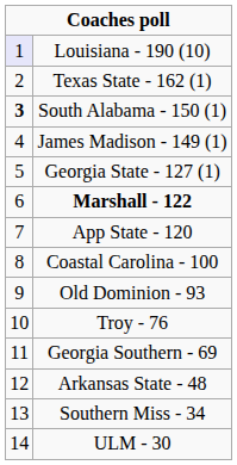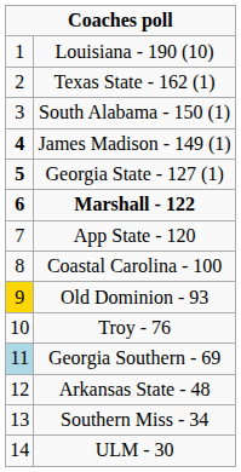 <table class="wikitable" style="display: inline-table;">
 <tr>
 <td align="center" Colspan="3"><strong>Coaches poll</strong></td>
 </tr>
 <tr align="center">
 </tr>
 <tr align="center">
-<td style="background: lavender;">1</td>
+<td>1</td>
 <td>Louisiana - 190 (10)</td>
 </tr>
 <tr align="center">
 <td>2</td>
 <td>Texas State - 162 (1)</td>
 </tr>
 <tr align="center">
-<td><strong>3</strong></td>
+<td>3</td>
 <td>South Alabama - 150 (1)</td>
 </tr>
 <tr align="center">
-<td>4</td>
+<td><strong>4</strong></td>
 <td>James Madison - 149 (1)</td>
 </tr>
 <tr align="center">
-<td>5</td>
+<td><strong>5</strong></td>
 <td>Georgia State - 127 (1)</td>
 </tr>
 <tr align="center">
-<td>6</td>
+<td><strong>6</strong></td>
 <td><strong>Marshall - 122</strong></td>
 </tr>
 <tr align="center">
 <td>7</td>
 <td>App State - 120</td>
 </tr>
 <tr align="center">
 <td>8</td>
 <td>Coastal Carolina - 100</td>
 </tr>
 <tr align="center">
-<td>9</td>
+<td style="background: gold;">9</td>
 <td>Old Dominion - 93</td>
 </tr>
 <tr align="center">
 <td>10</td>
 <td>Troy - 76</td>
 </tr>
 <tr align="center">
-<td>11</td>
+<td style="background: lightblue;">11</td>
 <td>Georgia Southern - 69</td>
 </tr>
 <tr align="center">
 <td>12</td>
 <td>Arkansas State - 48</td>
 </tr>
 <tr align="center">
 <td>13</td>
 <td>Southern Miss - 34</td>
 </tr>
 <tr align="center">
 <td>14</td>
 <td>ULM - 30</td>
 </tr>
 </table>
